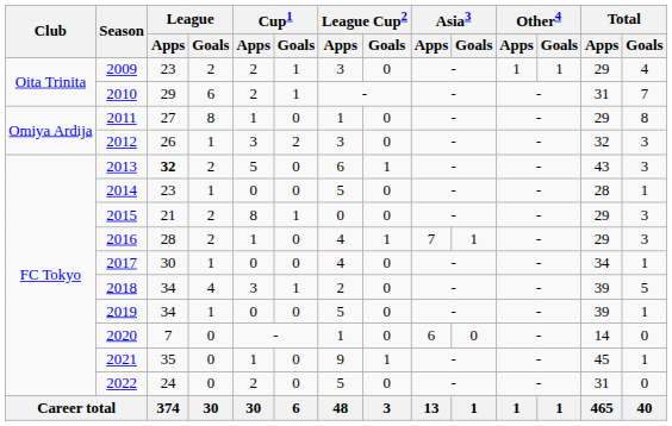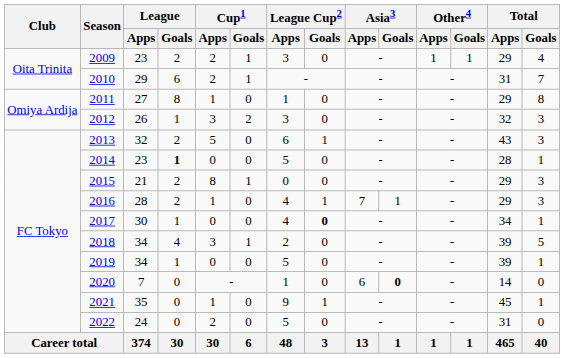 <table class="wikitable" style="text-align:center;">
 <tr>
 <th rowspan="2">Club</th>
 <th rowspan="2">Season</th>
 <th colspan="2">League</th>
 <th colspan="2">Cup<sup><a href='#'>1</a></sup></th>
 <th colspan="2">League Cup<sup><a href='#'>2</a></sup></th>
 <th colspan="2">Asia<sup><a href='#'>3</a></sup></th>
 <th colspan="2">Other<sup><a href='#'>4</a></sup></th>
 <th colspan="2">Total</th>
 </tr>
 <tr>
 <th>Apps</th>
 <th>Goals</th>
 <th>Apps</th>
 <th>Goals</th>
 <th>Apps</th>
 <th>Goals</th>
 <th>Apps</th>
 <th>Goals</th>
 <th>Apps</th>
 <th>Goals</th>
 <th>Apps</th>
 <th>Goals</th>
 </tr>
 <tr>
 <td rowspan="2"><a href='#'>Oita Trinita</a></td>
 <td><a href='#'>2009</a></td>
 <td>23</td>
 <td>2</td>
 <td>2</td>
 <td>1</td>
 <td>3</td>
 <td>0</td>
 <td colspan="2">-</td>
 <td>1</td>
 <td>1</td>
 <td>29</td>
 <td>4</td>
 </tr>
 <tr>
 <td><a href='#'>2010</a></td>
 <td>29</td>
 <td>6</td>
 <td>2</td>
 <td>1</td>
 <td colspan="2">-</td>
 <td colspan="2">-</td>
 <td colspan="2">-</td>
 <td>31</td>
 <td>7</td>
 </tr>
 <tr>
 <td rowspan="2"><a href='#'>Omiya Ardija</a></td>
 <td><a href='#'>2011</a></td>
 <td>27</td>
 <td>8</td>
 <td>1</td>
 <td>0</td>
 <td>1</td>
 <td>0</td>
 <td colspan="2">-</td>
 <td colspan="2">-</td>
 <td>29</td>
 <td>8</td>
 </tr>
 <tr>
 <td><a href='#'>2012</a></td>
 <td>26</td>
 <td>1</td>
 <td>3</td>
 <td>2</td>
 <td>3</td>
 <td>0</td>
 <td colspan="2">-</td>
 <td colspan="2">-</td>
 <td>32</td>
 <td>3</td>
 </tr>
 <tr>
 <td rowspan="10"><a href='#'>FC Tokyo</a></td>
 <td><a href='#'>2013</a></td>
-<td><strong>32</strong></td>
+<td>32</td>
 <td>2</td>
 <td>5</td>
 <td>0</td>
 <td>6</td>
 <td>1</td>
 <td colspan="2">-</td>
 <td colspan="2">-</td>
 <td>43</td>
 <td>3</td>
 </tr>
 <tr>
 <td><a href='#'>2014</a></td>
 <td>23</td>
-<td>1</td>
+<td><strong>1</strong></td>
 <td>0</td>
 <td>0</td>
 <td>5</td>
 <td>0</td>
 <td colspan="2">-</td>
 <td colspan="2">-</td>
 <td>28</td>
 <td>1</td>
 </tr>
 <tr>
 <td><a href='#'>2015</a></td>
 <td>21</td>
 <td>2</td>
 <td>8</td>
 <td>1</td>
 <td>0</td>
 <td>0</td>
 <td colspan="2">-</td>
 <td colspan="2">-</td>
 <td>29</td>
 <td>3</td>
 </tr>
 <tr>
 <td><a href='#'>2016</a></td>
 <td>28</td>
 <td>2</td>
 <td>1</td>
 <td>0</td>
 <td>4</td>
 <td>1</td>
 <td>7</td>
 <td>1</td>
 <td colspan="2">-</td>
 <td>29</td>
 <td>3</td>
 </tr>
 <tr>
 <td><a href='#'>2017</a></td>
 <td>30</td>
 <td>1</td>
 <td>0</td>
 <td>0</td>
 <td>4</td>
-<td>0</td>
+<td><strong>0</strong></td>
 <td colspan="2">-</td>
 <td colspan="2">-</td>
 <td>34</td>
 <td>1</td>
 </tr>
 <tr>
 <td><a href='#'>2018</a></td>
 <td>34</td>
 <td>4</td>
 <td>3</td>
 <td>1</td>
 <td>2</td>
 <td>0</td>
 <td colspan="2">-</td>
 <td colspan="2">-</td>
 <td>39</td>
 <td>5</td>
 </tr>
 <tr>
 <td><a href='#'>2019</a></td>
 <td>34</td>
 <td>1</td>
 <td>0</td>
 <td>0</td>
 <td>5</td>
 <td>0</td>
 <td colspan="2">-</td>
 <td colspan="2">-</td>
 <td>39</td>
 <td>1</td>
 </tr>
 <tr>
 <td><a href='#'>2020</a></td>
 <td>7</td>
 <td>0</td>
 <td colspan="2">-</td>
 <td>1</td>
 <td>0</td>
 <td>6</td>
-<td>0</td>
+<td><strong>0</strong></td>
 <td colspan="2">-</td>
 <td>14</td>
 <td>0</td>
 </tr>
 <tr>
 <td><a href='#'>2021</a></td>
 <td>35</td>
 <td>0</td>
 <td>1</td>
 <td>0</td>
 <td>9</td>
 <td>1</td>
 <td colspan="2">-</td>
 <td colspan="2">-</td>
 <td>45</td>
 <td>1</td>
 </tr>
 <tr>
 <td><a href='#'>2022</a></td>
 <td>24</td>
 <td>0</td>
 <td>2</td>
 <td>0</td>
 <td>5</td>
 <td>0</td>
 <td colspan="2">-</td>
 <td colspan="2">-</td>
 <td>31</td>
 <td>0</td>
 </tr>
 <tr>
 <th colspan="2">Career total</th>
 <th>374</th>
 <th>30</th>
 <th>30</th>
 <th>6</th>
 <th>48</th>
 <th>3</th>
 <th>13</th>
 <th>1</th>
 <th>1</th>
 <th>1</th>
 <th>465</th>
 <th>40</th>
 </tr>
 </table>
